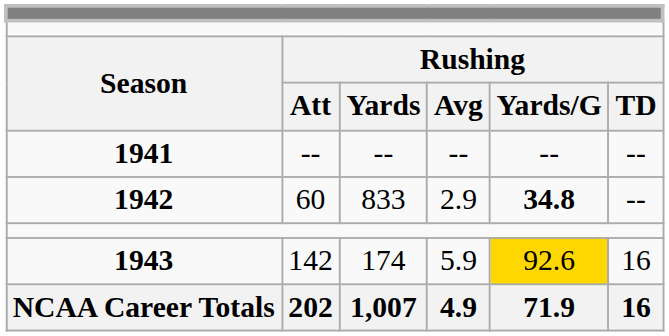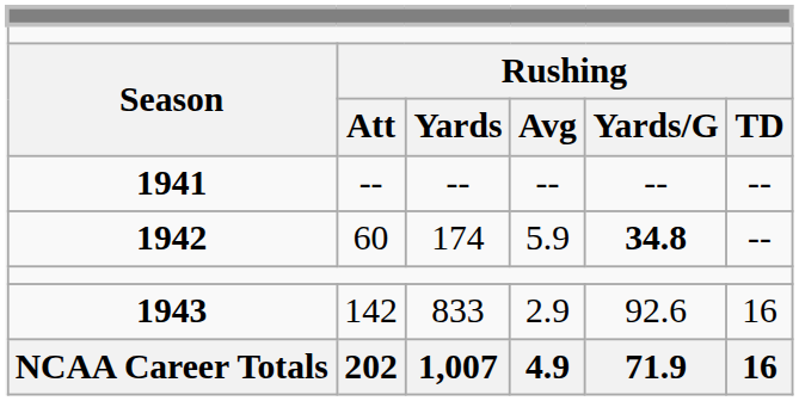 <table class=wikitable style="text-align:center;">
 <tr>
 <td ! colspan="10" style="background:gray; border:2px solid silver; color:white;"></td>
 </tr>
 <tr>
 <td ! colspan="10"></td>
 </tr>
 <tr>
 <th rowspan=2>Season</th>
 <th colspan=5>Rushing</th>
 </tr>
 <tr>
 <th>Att</th>
 <th>Yards</th>
 <th>Avg</th>
 <th>Yards/G</th>
 <th>TD</th>
 </tr>
 <tr>
 <td><strong>1941</strong></td>
 <td>--</td>
 <td>--</td>
 <td>--</td>
 <td>--</td>
 <td>--</td>
 </tr>
 <tr>
 <td><strong>1942</strong></td>
 <td>60</td>
-<td>833</td>
-<td>2.9</td>
+<td>174</td>
+<td>5.9</td>
 <td><strong>34.8</strong></td>
 <td>--</td>
 </tr>
 <tr>
 <td ! colspan="10"></td>
 </tr>
 <tr>
 <td><strong>1943</strong></td>
 <td>142</td>
-<td>174</td>
-<td>5.9</td>
-<td style="background: gold;">92.6</td>
+<td>833</td>
+<td>2.9</td>
+<td>92.6</td>
 <td>16</td>
 </tr>
 <tr>
 <th>NCAA Career Totals</th>
 <th>202</th>
 <th>1,007</th>
 <th>4.9</th>
 <th>71.9</th>
 <th>16</th>
 </tr>
 </table>
